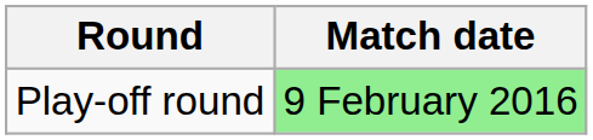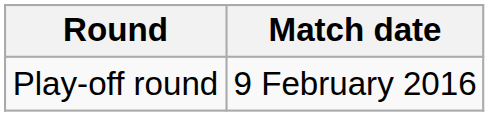 <table class="wikitable" style="text-align:center">
 <tr>
 <th>Round</th>
 <th>Match date</th>
 </tr>
 <tr>
 <td>Play-off round</td>
-<td style="background: lightgreen;">9 February 2016</td>
+<td>9 February 2016</td>
 </tr>
 </table>
